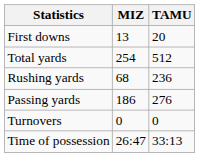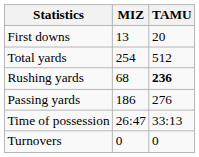 <table class="wikitable" style="float: left;">
 <tr>
 <th>Statistics</th>
 <th>MIZ</th>
 <th>TAMU</th>
 </tr>
 <tr>
 <td>First downs</td>
 <td>13</td>
 <td>20</td>
 </tr>
 <tr>
 <td>Total yards</td>
 <td>254</td>
 <td>512</td>
 </tr>
 <tr>
 <td>Rushing yards</td>
 <td>68</td>
-<td>236</td>
+<td><strong>236</strong></td>
 </tr>
 <tr>
 <td>Passing yards</td>
 <td>186</td>
 <td>276</td>
 </tr>
 <tr>
+<td>Time of possession</td>
+<td>26:47</td>
+<td>33:13</td>
+</tr>
+<tr>
 <td>Turnovers</td>
 <td>0</td>
 <td>0</td>
 </tr>
-<tr>
-<td>Time of possession</td>
-<td>26:47</td>
-<td>33:13</td>
-</tr>
 </table>
